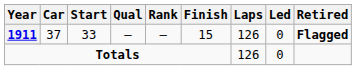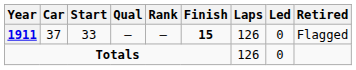 <table class="wikitable" style="text-align:center">
 <tr>
 <th>Year</th>
 <th>Car</th>
 <th>Start</th>
 <th>Qual</th>
 <th>Rank</th>
 <th>Finish</th>
 <th>Laps</th>
 <th>Led</th>
 <th>Retired</th>
 </tr>
 <tr>
 <th><a href='#'>1911</a></th>
 <td>37</td>
 <td>33</td>
 <td>—</td>
 <td>—</td>
-<td>15</td>
+<td><strong>15</strong></td>
 <td>126</td>
 <td>0</td>
-<td><strong>Flagged</strong></td>
+<td>Flagged</td>
 </tr>
 <tr>
 <td colspan=6><strong>Totals</strong></td>
 <td>126</td>
 <td>0</td>
 <td></td>
 </tr>
 </table>
